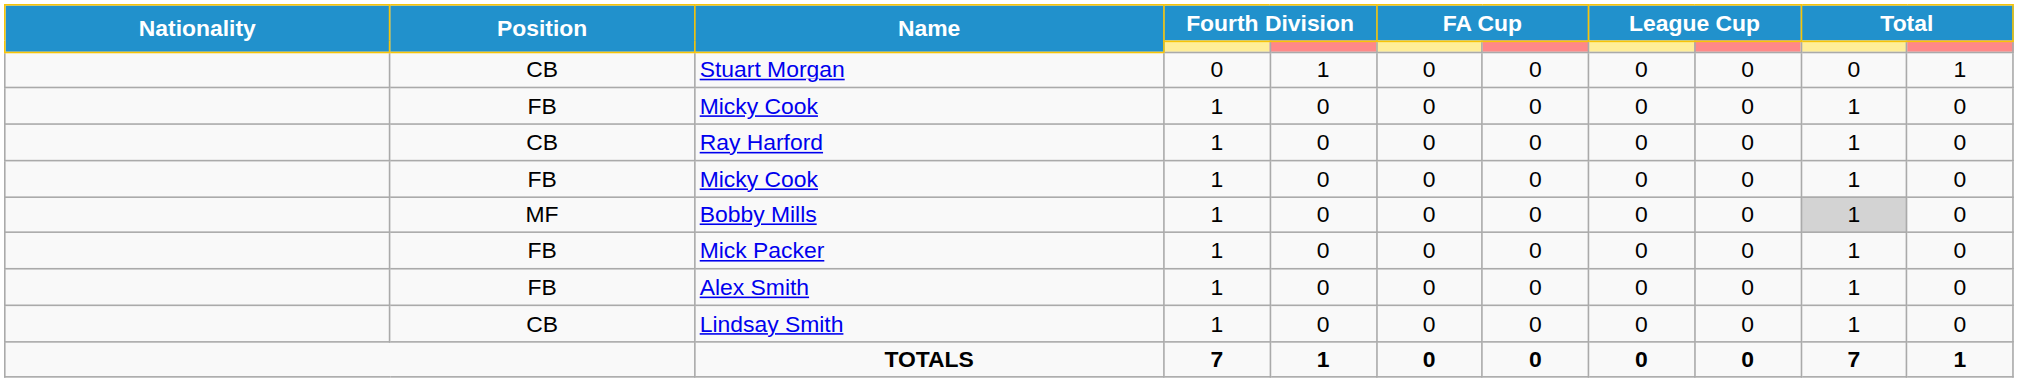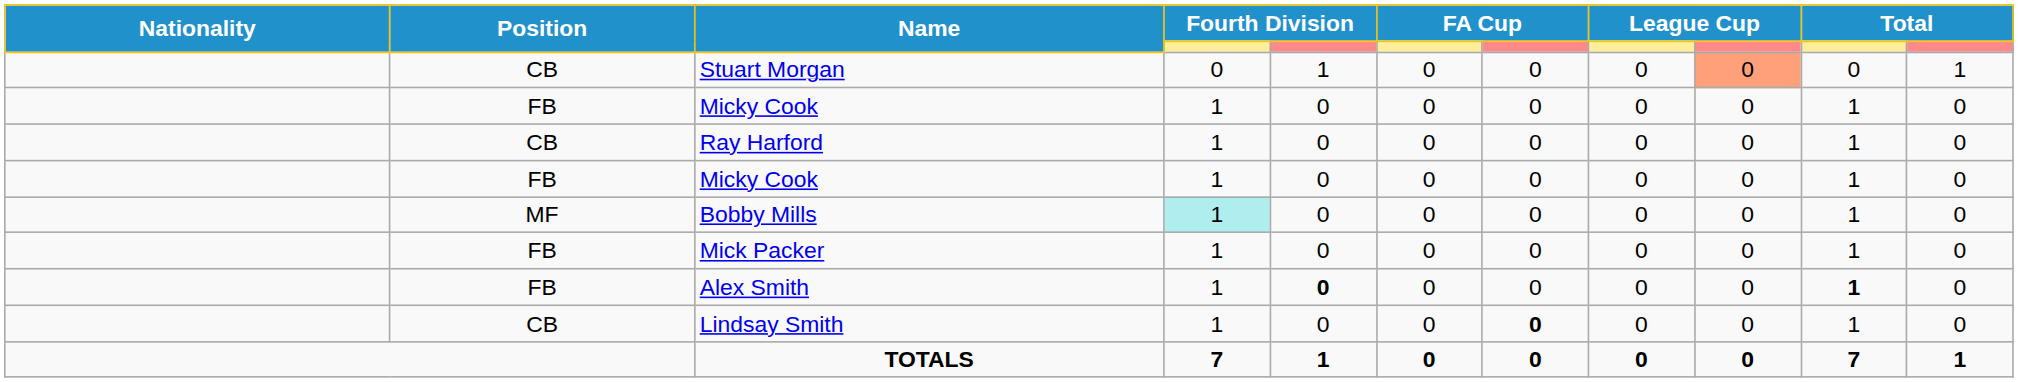 <table class="wikitable" style="text-align:center; font-size:90%; width:100%;">
 <tr>
 <th rowspan="2" style="background:#2191CC; color:white; border:1px solid #F7C408; text-align:center;">Nationality</th>
 <th rowspan="2" style="background:#2191CC; color:white; border:1px solid #F7C408; text-align:center;">Position</th>
 <th rowspan="2" style="background:#2191CC; color:white; border:1px solid #F7C408; text-align:center;">Name</th>
 <th colspan="2" style="background:#2191CC; color:white; border:1px solid #F7C408; text-align:center;">Fourth Division</th>
 <th colspan="2" style="background:#2191CC; color:white; border:1px solid #F7C408; text-align:center;">FA Cup</th>
 <th colspan="2" style="background:#2191CC; color:white; border:1px solid #F7C408; text-align:center;">League Cup</th>
 <th colspan="2" style="background:#2191CC; color:white; border:1px solid #F7C408; text-align:center;">Total</th>
 </tr>
 <tr>
 <th width=60 style="background: #FFEE99"></th>
 <th width=60 style="background: #FF8888"></th>
 <th width=60 style="background: #FFEE99"></th>
 <th width=60 style="background: #FF8888"></th>
 <th width=60 style="background: #FFEE99"></th>
 <th width=60 style="background: #FF8888"></th>
 <th width=60 style="background: #FFEE99"></th>
 <th width=60 style="background: #FF8888"></th>
 </tr>
 <tr>
 <td></td>
 <td>CB</td>
 <td align="left"><a href='#'>Stuart Morgan</a></td>
 <td>0</td>
 <td>1</td>
 <td>0</td>
 <td>0</td>
 <td>0</td>
-<td>0</td>
+<td style="background: lightsalmon;">0</td>
 <td>0</td>
 <td>1</td>
 </tr>
 <tr>
 <td></td>
 <td>FB</td>
 <td align="left"><a href='#'>Micky Cook</a></td>
 <td>1</td>
 <td>0</td>
 <td>0</td>
 <td>0</td>
 <td>0</td>
 <td>0</td>
 <td>1</td>
 <td>0</td>
 </tr>
 <tr>
 <td></td>
 <td>CB</td>
 <td align="left"><a href='#'>Ray Harford</a></td>
 <td>1</td>
 <td>0</td>
 <td>0</td>
 <td>0</td>
 <td>0</td>
 <td>0</td>
 <td>1</td>
 <td>0</td>
 </tr>
 <tr>
 <td></td>
 <td>FB</td>
 <td align="left"><a href='#'>Micky Cook</a></td>
 <td>1</td>
 <td>0</td>
 <td>0</td>
 <td>0</td>
 <td>0</td>
 <td>0</td>
 <td>1</td>
 <td>0</td>
 </tr>
 <tr>
 <td></td>
 <td>MF</td>
 <td align="left"><a href='#'>Bobby Mills</a></td>
-<td>1</td>
+<td style="background: paleturquoise;">1</td>
 <td>0</td>
 <td>0</td>
 <td>0</td>
 <td>0</td>
 <td>0</td>
-<td style="background: lightgrey;">1</td>
+<td>1</td>
 <td>0</td>
 </tr>
 <tr>
 <td></td>
 <td>FB</td>
 <td align="left"><a href='#'>Mick Packer</a></td>
 <td>1</td>
 <td>0</td>
 <td>0</td>
 <td>0</td>
 <td>0</td>
 <td>0</td>
 <td>1</td>
 <td>0</td>
 </tr>
 <tr>
 <td></td>
 <td>FB</td>
 <td align="left"><a href='#'>Alex Smith</a></td>
 <td>1</td>
+<td><strong>0</strong></td>
 <td>0</td>
 <td>0</td>
 <td>0</td>
 <td>0</td>
-<td>0</td>
-<td>1</td>
+<td><strong>1</strong></td>
 <td>0</td>
 </tr>
 <tr>
 <td></td>
 <td>CB</td>
 <td align="left"><a href='#'>Lindsay Smith</a></td>
 <td>1</td>
 <td>0</td>
 <td>0</td>
-<td>0</td>
+<td><strong>0</strong></td>
 <td>0</td>
 <td>0</td>
 <td>1</td>
 <td>0</td>
 </tr>
 <tr>
 <td colspan="2"></td>
 <td><strong>TOTALS</strong></td>
 <td><strong>7</strong></td>
 <td><strong>1</strong></td>
 <td><strong>0</strong></td>
 <td><strong>0</strong></td>
 <td><strong>0</strong></td>
 <td><strong>0</strong></td>
 <td><strong>7</strong></td>
 <td><strong>1</strong></td>
 </tr>
 </table>
